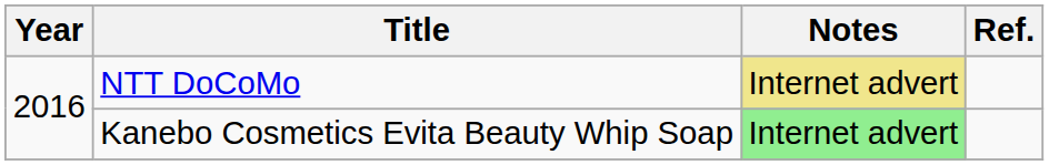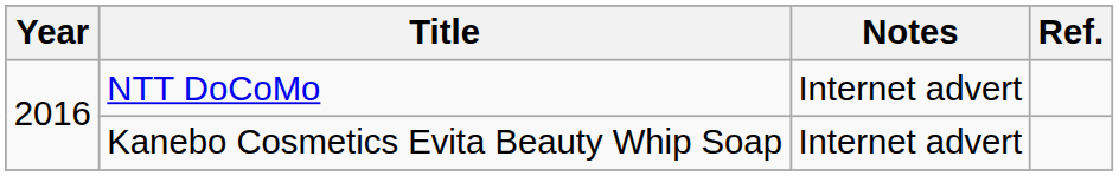 <table class="wikitable">
 <tr>
 <th>Year</th>
 <th>Title</th>
 <th>Notes</th>
 <th>Ref.</th>
 </tr>
 <tr>
 <td rowspan="2">2016</td>
 <td><a href='#'>NTT DoCoMo</a></td>
-<td style="background: khaki;">Internet advert</td>
+<td>Internet advert</td>
 <td></td>
 </tr>
 <tr>
 <td>Kanebo Cosmetics Evita Beauty Whip Soap</td>
-<td style="background: lightgreen;">Internet advert</td>
+<td>Internet advert</td>
 <td></td>
 </tr>
 </table>
